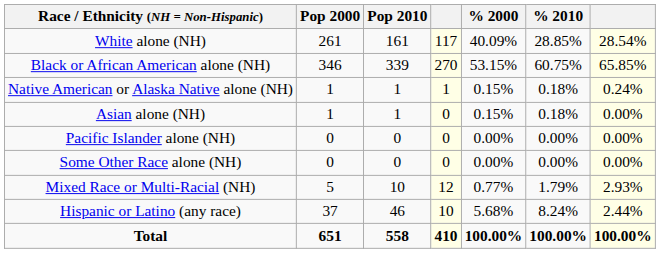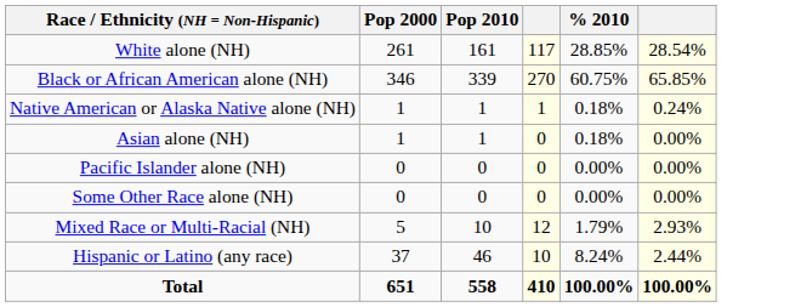 <table class="wikitable" style="text-align:center;">
 <tr>
 <th>Race / Ethnicity <small>(<em>NH = Non-Hispanic</em>)</small></th>
 <th>Pop 2000</th>
 <th>Pop 2010</th>
 <th></th>
-<th>% 2000</th>
 <th>% 2010</th>
 <th></th>
 </tr>
 <tr>
 <td><a href='#'>White</a> alone (NH)</td>
 <td>261</td>
 <td>161</td>
 <td style='background: #ffffe6;'>117</td>
-<td>40.09%</td>
 <td>28.85%</td>
 <td style='background: #ffffe6;'>28.54%</td>
 </tr>
 <tr>
 <td><a href='#'>Black or African American</a> alone (NH)</td>
 <td>346</td>
 <td>339</td>
 <td style='background: #ffffe6;'>270</td>
-<td>53.15%</td>
 <td>60.75%</td>
 <td style='background: #ffffe6;'>65.85%</td>
 </tr>
 <tr>
 <td><a href='#'>Native American</a> or <a href='#'>Alaska Native</a> alone (NH)</td>
 <td>1</td>
 <td>1</td>
 <td style='background: #ffffe6;'>1</td>
-<td>0.15%</td>
 <td>0.18%</td>
 <td style='background: #ffffe6;'>0.24%</td>
 </tr>
 <tr>
 <td><a href='#'>Asian</a> alone (NH)</td>
 <td>1</td>
 <td>1</td>
 <td style='background: #ffffe6;'>0</td>
-<td>0.15%</td>
 <td>0.18%</td>
 <td style='background: #ffffe6;'>0.00%</td>
 </tr>
 <tr>
 <td><a href='#'>Pacific Islander</a> alone (NH)</td>
 <td>0</td>
 <td>0</td>
 <td style='background: #ffffe6;'>0</td>
 <td>0.00%</td>
-<td>0.00%</td>
 <td style='background: #ffffe6;'>0.00%</td>
 </tr>
 <tr>
 <td><a href='#'>Some Other Race</a> alone (NH)</td>
 <td>0</td>
 <td>0</td>
 <td style='background: #ffffe6;'>0</td>
 <td>0.00%</td>
-<td>0.00%</td>
 <td style='background: #ffffe6;'>0.00%</td>
 </tr>
 <tr>
 <td><a href='#'>Mixed Race or Multi-Racial</a> (NH)</td>
 <td>5</td>
 <td>10</td>
 <td style='background: #ffffe6;'>12</td>
-<td>0.77%</td>
 <td>1.79%</td>
 <td style='background: #ffffe6;'>2.93%</td>
 </tr>
 <tr>
 <td><a href='#'>Hispanic or Latino</a> (any race)</td>
 <td>37</td>
 <td>46</td>
 <td style='background: #ffffe6;'>10</td>
-<td>5.68%</td>
 <td>8.24%</td>
 <td style='background: #ffffe6;'>2.44%</td>
 </tr>
 <tr>
 <td><strong>Total</strong></td>
 <td><strong>651</strong></td>
 <td><strong>558</strong></td>
 <td style='background: #ffffe6;'><strong>410</strong></td>
 <td><strong>100.00%</strong></td>
-<td><strong>100.00%</strong></td>
 <td style='background: #ffffe6;'><strong>100.00%</strong></td>
 </tr>
 </table>
